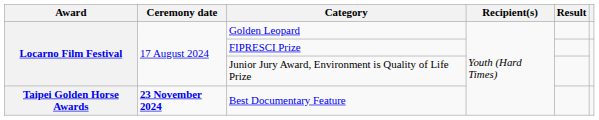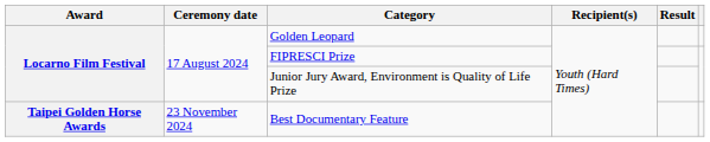 <table class="wikitable sortable plainrowheaders">
 <tr>
 <th scope="col">Award</th>
 <th scope="col">Ceremony date</th>
 <th scope="col">Category</th>
 <th scope="col">Recipient(s)</th>
 <th scope="col">Result</th>
 <th scope="col" class="unsortable"></th>
 </tr>
 <tr>
 <th scope="row" rowspan="3"><a href='#'>Locarno Film Festival</a></th>
 <td rowspan="3"><a href='#'>17 August 2024</a></td>
 <td><a href='#'>Golden Leopard</a></td>
 <td rowspan="4"><em>Youth (Hard Times)</em></td>
 <td></td>
 <td align="center"></td>
 </tr>
 <tr>
 <td><a href='#'>FIPRESCI Prize</a></td>
 <td></td>
 <td rowspan="2" align="center"></td>
 </tr>
 <tr>
 <td>Junior Jury Award, Environment is Quality of Life Prize</td>
 <td></td>
 </tr>
 <tr>
 <th scope="row"><a href='#'>Taipei Golden Horse Awards</a></th>
-<td><strong><a href='#'>23 November 2024</a></strong></td>
+<td><a href='#'>23 November 2024</a></td>
 <td><a href='#'>Best Documentary Feature</a></td>
 <td></td>
 <td align="center"></td>
 </tr>
 </table>
